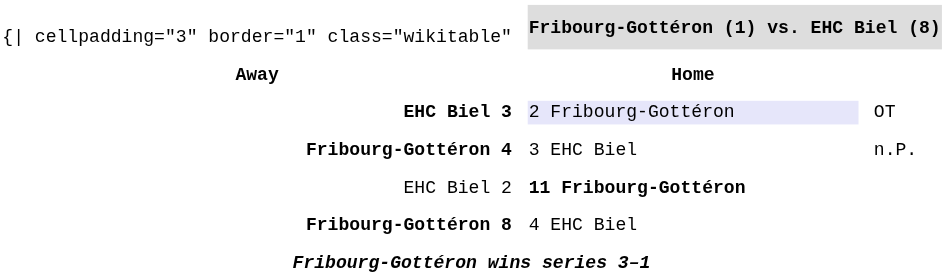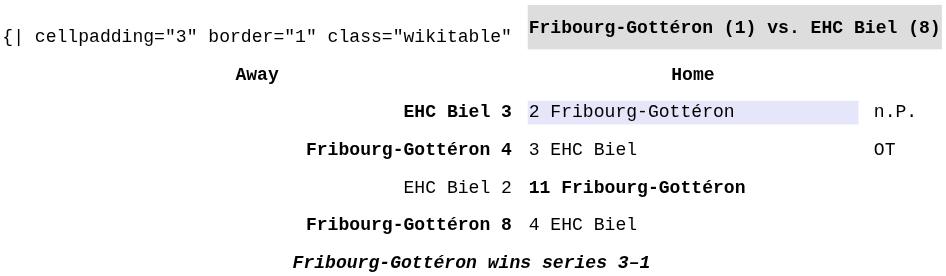 <table cellspacing="10">
 <tr>
 <td valign="top"><br>	{| cellpadding="3" border="1"  class="wikitable"</td>
 <th bgcolor="#DDDDDD" colspan="4">Fribourg-Gottéron (1) vs. EHC Biel (8)</th>
 </tr>
 <tr>
 <th>Away</th>
 <th>Home</th>
 </tr>
 <tr>
 <td align = "right"><strong>EHC Biel 3</strong></td>
 <td style="background: lavender;">2 Fribourg-Gottéron</td>
-<td>OT</td>
+<td>n.P.</td>
 </tr>
 <tr>
 <td align = "right"><strong>Fribourg-Gottéron 4</strong></td>
 <td>3 EHC Biel</td>
-<td>n.P.</td>
+<td>OT</td>
 </tr>
 <tr>
 <td align = "right">EHC Biel 2</td>
 <td><strong>11 Fribourg-Gottéron</strong></td>
 <td> </td>
 </tr>
 <tr>
 <td align = "right"><strong>Fribourg-Gottéron 8</strong></td>
 <td>4 EHC Biel</td>
 <td> </td>
 </tr>
 <tr align="center">
 <td colspan="4"><strong><em>Fribourg-Gottéron wins series 3–1</em></strong></td>
 </tr>
 </table>
